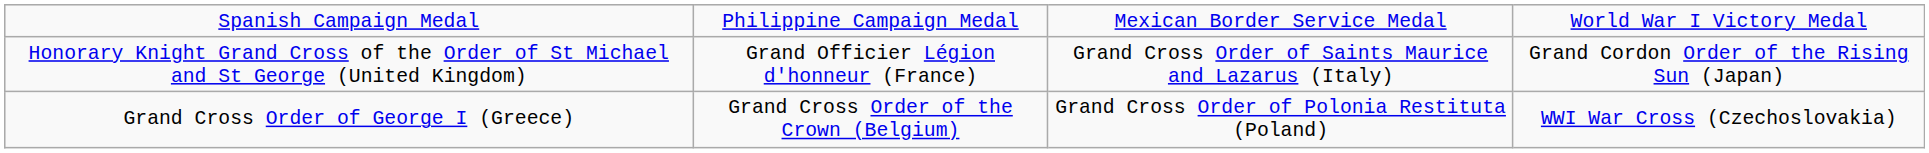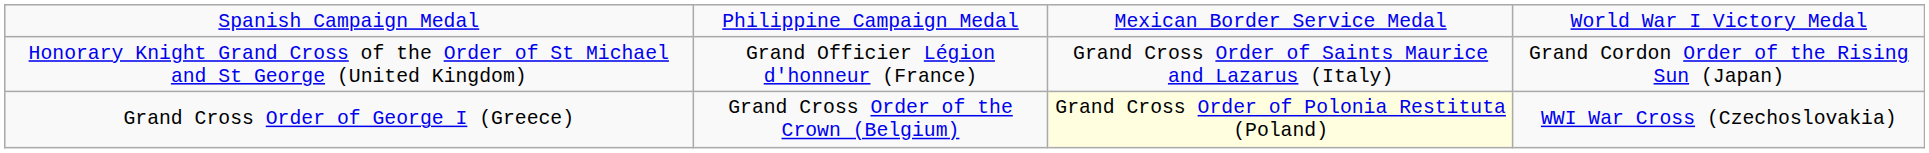 <table class="wikitable" style="margin-left: auto; margin-right: auto; text-align: center; margin-top: -1px;">
 <tr>
 <td><a href='#'>Spanish Campaign Medal</a></td>
 <td><a href='#'>Philippine Campaign Medal</a></td>
 <td><a href='#'>Mexican Border Service Medal</a></td>
 <td><a href='#'>World War I Victory Medal</a></td>
 </tr>
 <tr>
 <td><a href='#'>Honorary Knight Grand Cross</a> of the <a href='#'>Order of St Michael and St George</a> (United Kingdom)</td>
 <td>Grand Officier <a href='#'>Légion d'honneur</a> (France)</td>
 <td>Grand Cross <a href='#'>Order of Saints Maurice and Lazarus</a> (Italy)</td>
 <td>Grand Cordon <a href='#'>Order of the Rising Sun</a> (Japan)</td>
 </tr>
 <tr>
 <td>Grand Cross <a href='#'>Order of George I</a> (Greece)</td>
 <td>Grand Cross <a href='#'>Order of the Crown (Belgium)</a></td>
-<td>Grand Cross <a href='#'>Order of Polonia Restituta</a> (Poland)</td>
+<td style="background: lightyellow;">Grand Cross <a href='#'>Order of Polonia Restituta</a> (Poland)</td>
 <td><a href='#'>WWI War Cross</a> (Czechoslovakia)</td>
 </tr>
 </table>
